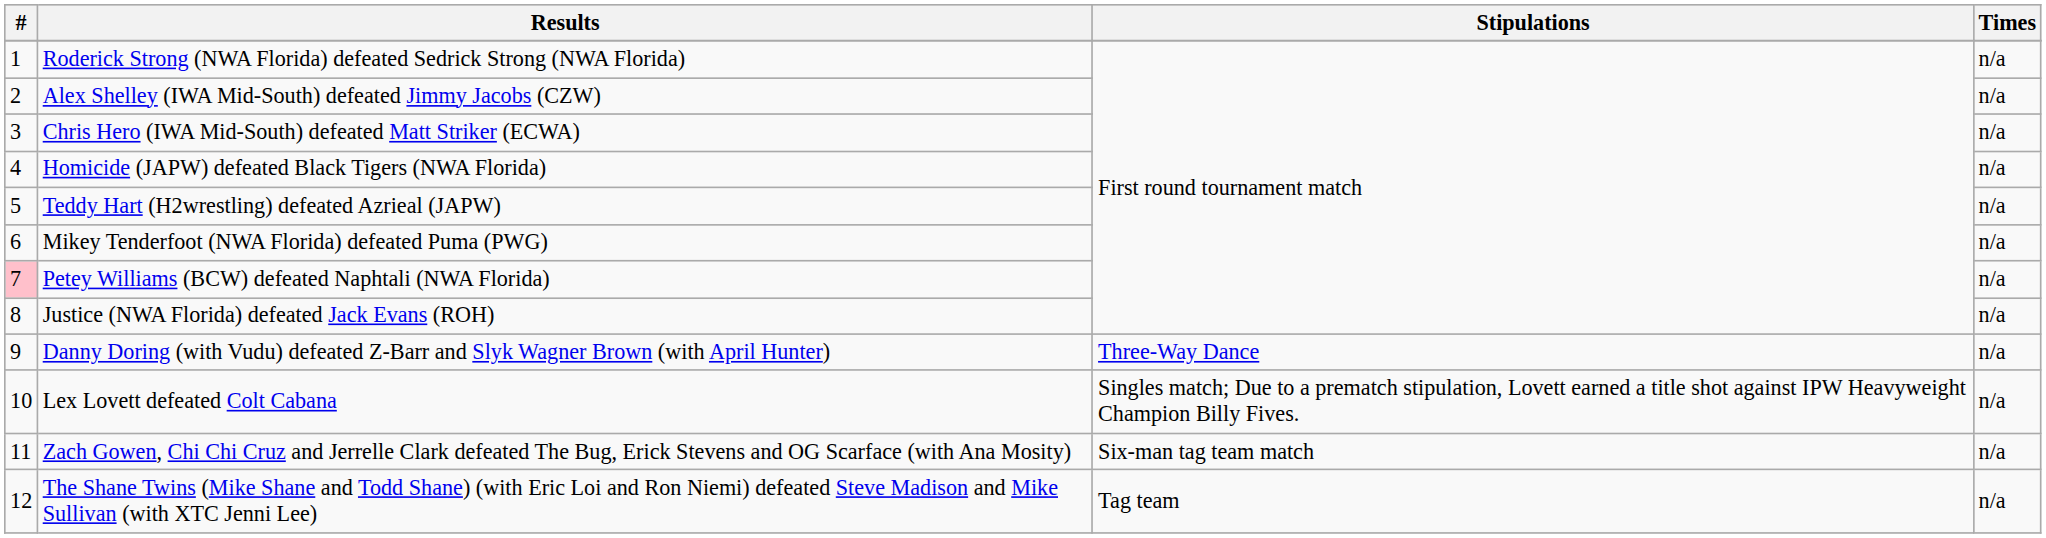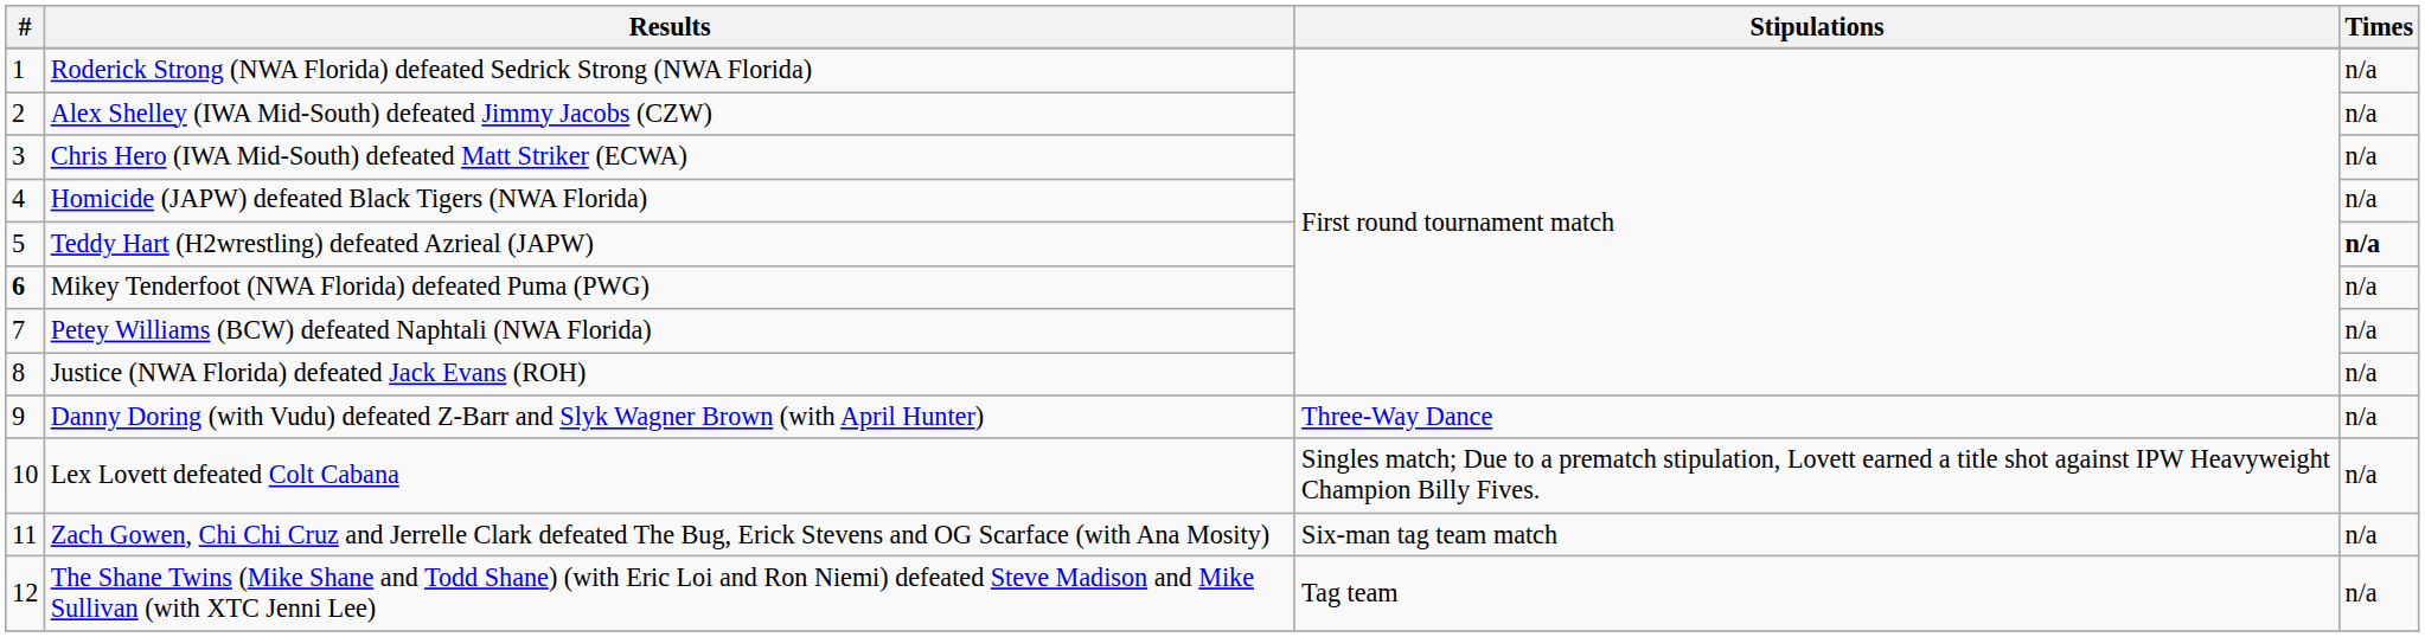 <table style="font-size: 85%" class="wikitable sortable">
 <tr>
 <th><strong>#</strong></th>
 <th><strong>Results</strong></th>
 <th><strong>Stipulations</strong></th>
 <th><strong>Times</strong></th>
 </tr>
 <tr>
 </tr>
 <tr>
 <td>1</td>
 <td><a href='#'>Roderick Strong</a> (NWA Florida) defeated Sedrick Strong (NWA Florida)</td>
 <td rowspan="8">First round tournament match</td>
 <td>n/a</td>
 </tr>
 <tr>
 <td>2</td>
 <td><a href='#'>Alex Shelley</a> (IWA Mid-South) defeated <a href='#'>Jimmy Jacobs</a> (CZW)</td>
 <td>n/a</td>
 </tr>
 <tr>
 <td>3</td>
 <td><a href='#'>Chris Hero</a> (IWA Mid-South) defeated <a href='#'>Matt Striker</a> (ECWA)</td>
 <td>n/a</td>
 </tr>
 <tr>
 <td>4</td>
 <td><a href='#'>Homicide</a> (JAPW) defeated Black Tigers (NWA Florida)</td>
 <td>n/a</td>
 </tr>
 <tr>
 <td>5</td>
 <td><a href='#'>Teddy Hart</a> (H2wrestling) defeated Azrieal (JAPW)</td>
-<td>n/a</td>
+<td><strong>n/a</strong></td>
 </tr>
 <tr>
-<td>6</td>
+<td><strong>6</strong></td>
 <td>Mikey Tenderfoot (NWA Florida) defeated Puma (PWG)</td>
 <td>n/a</td>
 </tr>
 <tr>
-<td style="background: pink;">7</td>
+<td>7</td>
 <td><a href='#'>Petey Williams</a> (BCW) defeated Naphtali (NWA Florida)</td>
 <td>n/a</td>
 </tr>
 <tr>
 <td>8</td>
 <td>Justice (NWA Florida) defeated <a href='#'>Jack Evans</a> (ROH)</td>
 <td>n/a</td>
 </tr>
 <tr>
 <td>9</td>
 <td><a href='#'>Danny Doring</a> (with Vudu) defeated Z-Barr and <a href='#'>Slyk Wagner Brown</a> (with <a href='#'>April Hunter</a>)</td>
 <td><a href='#'>Three-Way Dance</a></td>
 <td>n/a</td>
 </tr>
 <tr>
 <td>10</td>
 <td>Lex Lovett defeated <a href='#'>Colt Cabana</a></td>
 <td>Singles match; Due to a prematch stipulation, Lovett earned a title shot against IPW Heavyweight Champion Billy Fives.</td>
 <td>n/a</td>
 </tr>
 <tr>
 <td>11</td>
 <td><a href='#'>Zach Gowen</a>, <a href='#'>Chi Chi Cruz</a> and Jerrelle Clark defeated The Bug, Erick Stevens and OG Scarface (with Ana Mosity)</td>
 <td>Six-man tag team match</td>
 <td>n/a</td>
 </tr>
 <tr>
 <td>12</td>
 <td><a href='#'>The Shane Twins</a> (<a href='#'>Mike Shane</a> and <a href='#'>Todd Shane</a>) (with Eric Loi and Ron Niemi) defeated <a href='#'>Steve Madison</a> and <a href='#'>Mike Sullivan</a> (with XTC Jenni Lee)</td>
 <td>Tag team</td>
 <td>n/a</td>
 </tr>
 </table>
